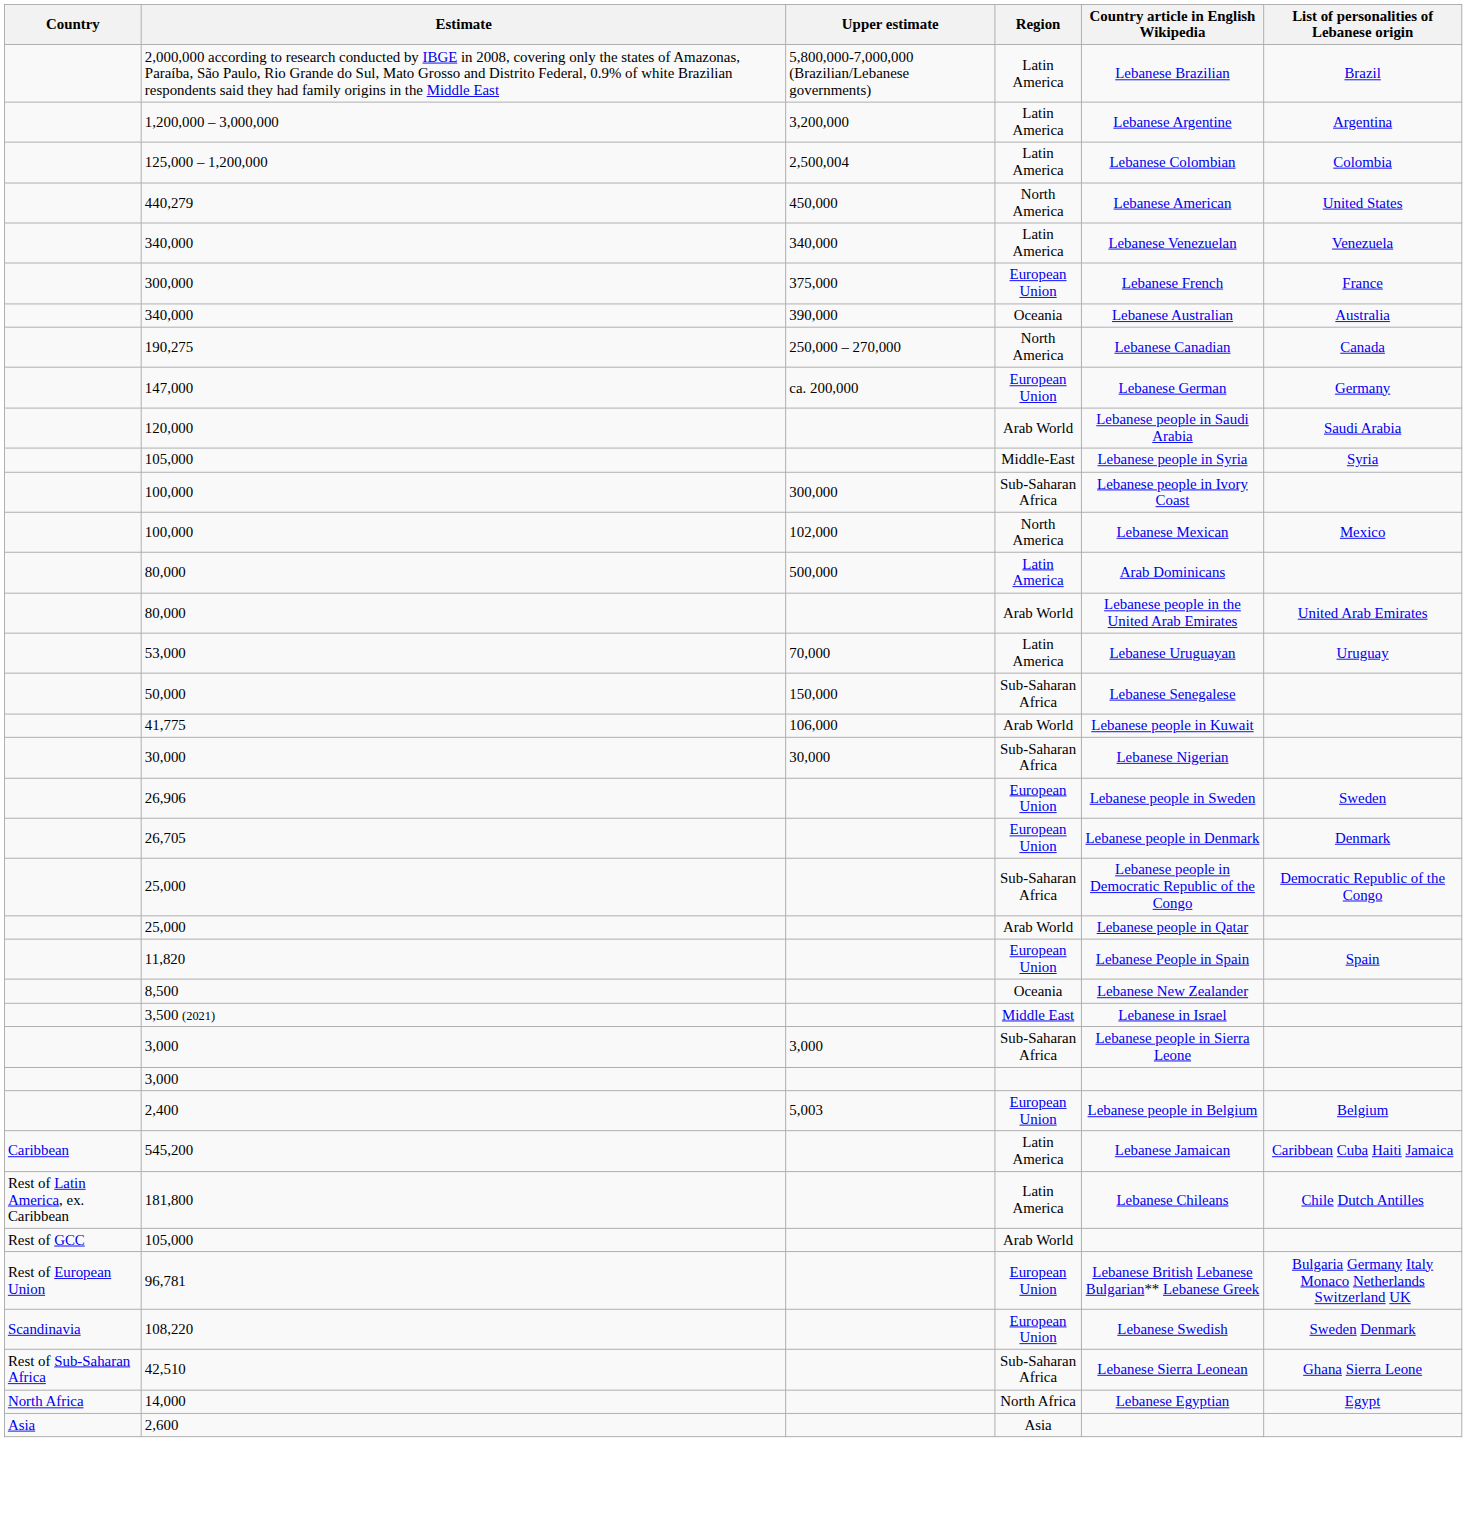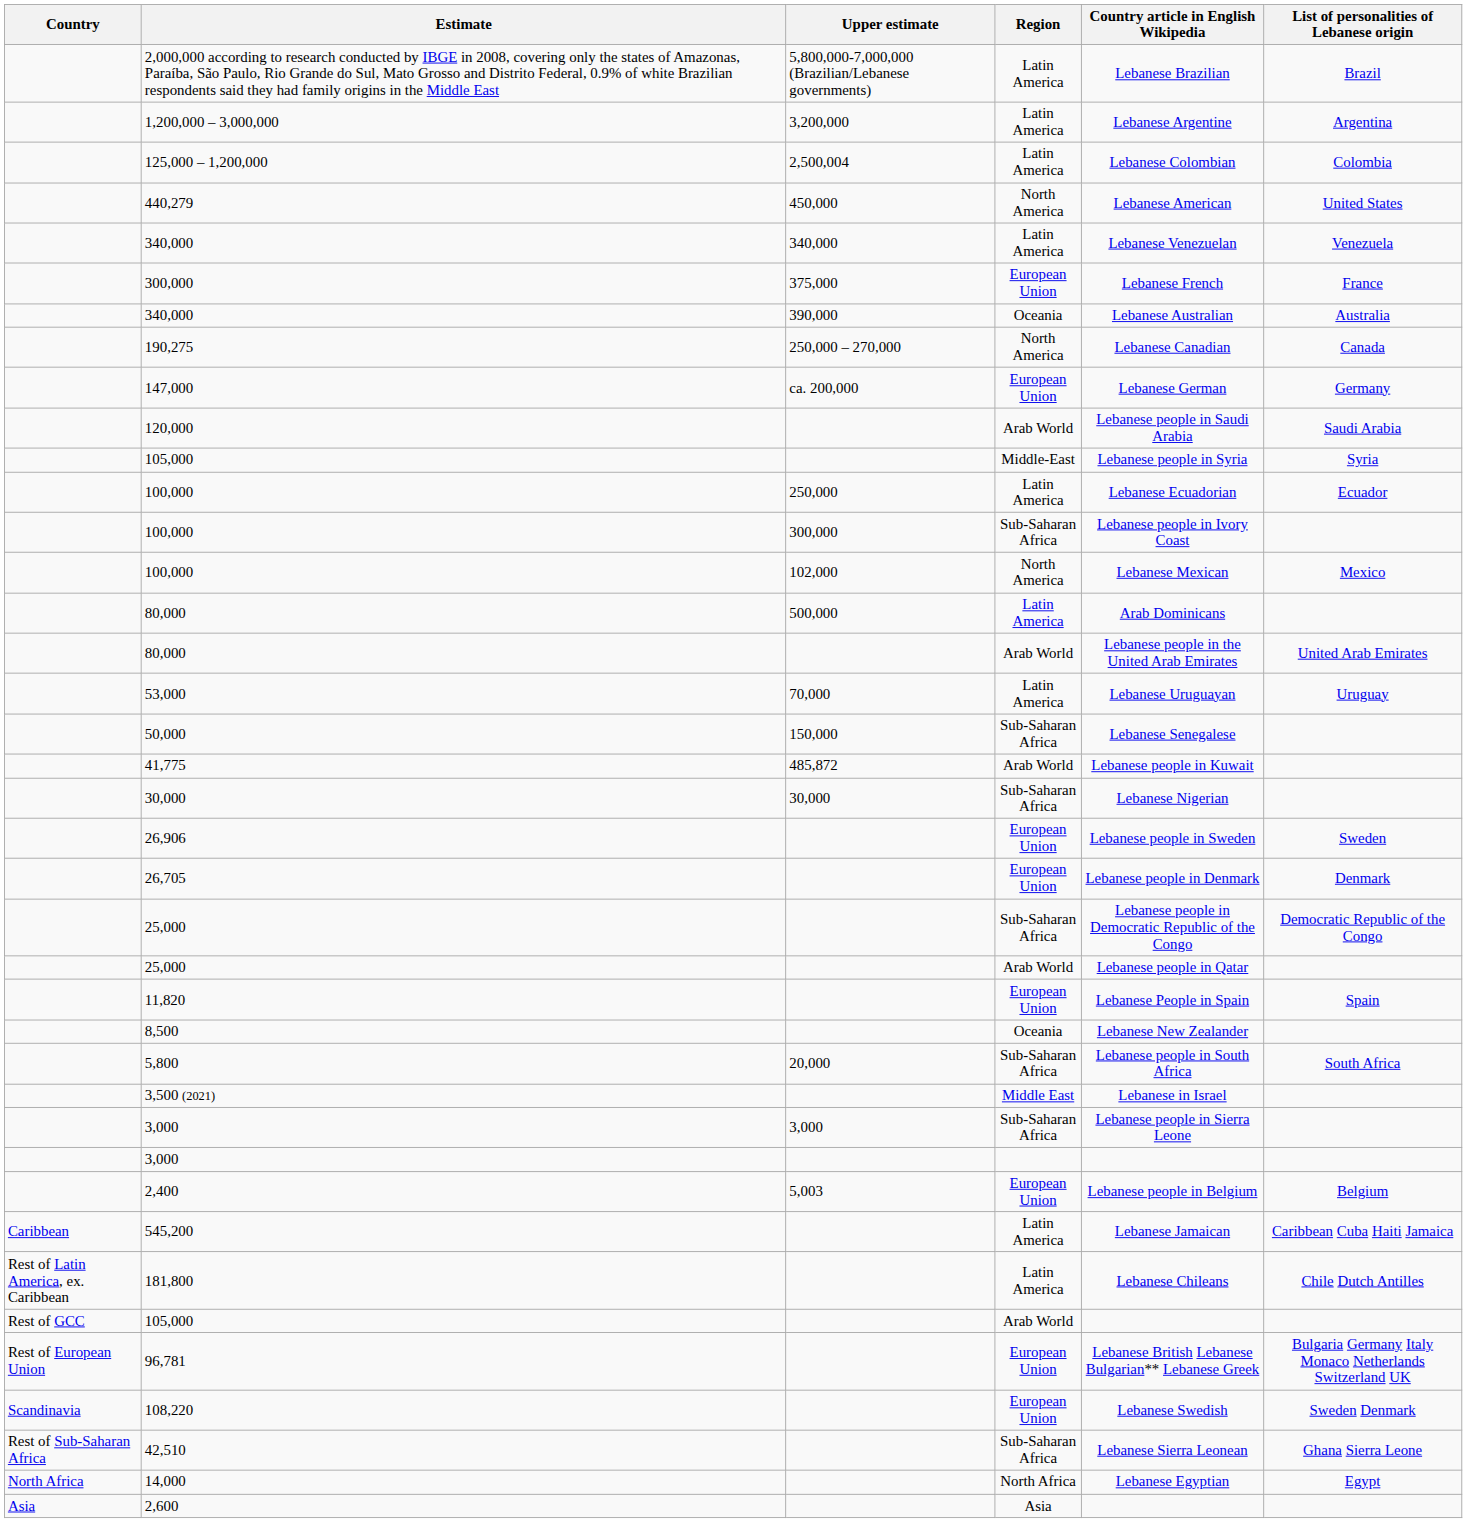 <table class="wikitable sortable">
 <tr>
 <th>Country</th>
 <th data-sort-type="number">Estimate</th>
 <th data-sort-type="number">Upper estimate</th>
 <th align=center>Region</th>
 <th align=center>Country article in English Wikipedia</th>
 <th>List of personalities of Lebanese origin</th>
 </tr>
 <tr>
 <td></td>
 <td>2,000,000 according to research conducted by <a href='#'>IBGE</a> in 2008, covering only the states of Amazonas, Paraíba, São Paulo, Rio Grande do Sul, Mato Grosso and Distrito Federal, 0.9% of white Brazilian respondents said they had family origins in the <a href='#'>Middle East</a></td>
 <td>5,800,000-7,000,000 (Brazilian/Lebanese governments)</td>
 <td align=center>Latin America</td>
 <td align=center><a href='#'>Lebanese Brazilian</a></td>
 <td align=center><a href='#'>Brazil</a></td>
 </tr>
 <tr>
 <td></td>
 <td>1,200,000 – 3,000,000</td>
 <td>3,200,000<br></td>
 <td align=center>Latin America</td>
 <td align=center><a href='#'>Lebanese Argentine</a></td>
 <td align=center><a href='#'>Argentina</a></td>
 </tr>
 <tr>
 <td></td>
 <td>125,000  – 1,200,000</td>
 <td>2,500,004</td>
 <td align=center>Latin America</td>
 <td align=center><a href='#'>Lebanese Colombian</a></td>
 <td align=center><a href='#'>Colombia</a></td>
 </tr>
 <tr>
 <td></td>
 <td>440,279</td>
 <td>450,000</td>
 <td align=center>North America</td>
 <td align=center><a href='#'>Lebanese American</a></td>
 <td align=center><a href='#'>United States</a></td>
 </tr>
 <tr>
 <td></td>
 <td>340,000</td>
 <td>340,000</td>
 <td align=center>Latin America</td>
 <td align=center><a href='#'>Lebanese Venezuelan</a></td>
 <td align=center><a href='#'>Venezuela</a></td>
 </tr>
 <tr>
 <td></td>
 <td>300,000</td>
 <td>375,000</td>
 <td align=center><a href='#'>European Union</a></td>
 <td align=center><a href='#'>Lebanese French</a></td>
 <td align=center><a href='#'>France</a></td>
 </tr>
 <tr>
 <td></td>
 <td>340,000</td>
 <td>390,000</td>
 <td align=center>Oceania</td>
 <td align=center><a href='#'>Lebanese Australian</a></td>
 <td align=center><a href='#'>Australia</a></td>
 </tr>
 <tr>
 <td></td>
 <td>190,275</td>
 <td>250,000 – 270,000</td>
 <td align=center>North America</td>
 <td align=center><a href='#'>Lebanese Canadian</a></td>
 <td align=center><a href='#'>Canada</a></td>
 </tr>
 <tr>
 <td></td>
 <td>147,000 </td>
 <td>ca. 200,000</td>
 <td align="center"><a href='#'>European Union</a></td>
 <td align="center"><a href='#'>Lebanese German</a></td>
 <td align="center"><a href='#'>Germany</a></td>
 </tr>
 <tr>
 <td></td>
 <td>120,000</td>
 <td></td>
 <td align=center>Arab World</td>
 <td align=center><a href='#'>Lebanese people in Saudi Arabia</a></td>
 <td align=center><a href='#'>Saudi Arabia</a></td>
 </tr>
 <tr>
 <td></td>
 <td>105,000</td>
 <td></td>
 <td align=center>Middle-East</td>
 <td align=center><a href='#'>Lebanese people in Syria</a></td>
 <td align=center><a href='#'>Syria</a></td>
 </tr>
 <tr>
 <td></td>
 <td>100,000</td>
+<td>250,000</td>
+<td align=center>Latin America</td>
+<td align=center><a href='#'>Lebanese Ecuadorian</a></td>
+<td align=center><a href='#'>Ecuador</a></td>
+</tr>
+<tr>
+<td></td>
+<td>100,000</td>
 <td>300,000</td>
 <td align=center>Sub-Saharan Africa</td>
 <td align=center><a href='#'>Lebanese people in Ivory Coast</a></td>
 <td align=center></td>
 </tr>
 <tr>
 <td></td>
 <td>100,000</td>
 <td>102,000</td>
 <td align=center>North America</td>
 <td align=center><a href='#'>Lebanese Mexican</a></td>
 <td align=center><a href='#'>Mexico</a></td>
 </tr>
 <tr>
 <td></td>
 <td>80,000</td>
 <td>500,000</td>
 <td align=center><a href='#'>Latin America</a></td>
 <td align=center><a href='#'>Arab Dominicans</a></td>
 <td align=center></td>
 </tr>
 <tr>
 <td></td>
 <td>80,000</td>
 <td></td>
 <td align=center>Arab World</td>
 <td align=center><a href='#'>Lebanese people in the United Arab Emirates</a></td>
 <td align=center><a href='#'>United Arab Emirates</a></td>
 </tr>
 <tr>
 <td></td>
 <td>53,000</td>
 <td>70,000</td>
 <td align=center>Latin America</td>
 <td align=center><a href='#'>Lebanese Uruguayan</a></td>
 <td align=center><a href='#'>Uruguay</a></td>
 </tr>
 <tr>
 <td></td>
 <td>50,000</td>
 <td>150,000</td>
 <td align="center">Sub-Saharan Africa</td>
 <td align="center"><a href='#'>Lebanese Senegalese</a></td>
 <td align="center"></td>
 </tr>
 <tr>
 <td></td>
 <td>41,775</td>
-<td>106,000</td>
+<td>485,872</td>
 <td align="center">Arab World</td>
 <td align="center"><a href='#'>Lebanese people in Kuwait</a></td>
 <td align="center"></td>
 </tr>
 <tr>
 <td></td>
 <td>30,000</td>
 <td>30,000</td>
 <td align=center>Sub-Saharan Africa</td>
 <td align=center><a href='#'>Lebanese Nigerian</a></td>
 <td align=center></td>
 </tr>
 <tr>
 <td></td>
 <td>26,906</td>
 <td></td>
 <td align="center"><a href='#'>European Union</a></td>
 <td align="center"><a href='#'>Lebanese people in Sweden</a></td>
 <td align="center"><a href='#'>Sweden</a></td>
 </tr>
 <tr>
 <td></td>
 <td>26,705</td>
 <td></td>
 <td align="center"><a href='#'>European Union</a></td>
 <td align="center"><a href='#'>Lebanese people in Denmark</a></td>
 <td align="center"><a href='#'>Denmark</a></td>
 </tr>
 <tr>
 <td></td>
 <td>25,000</td>
 <td></td>
 <td align="center">Sub-Saharan Africa</td>
 <td align="center"><a href='#'>Lebanese people in Democratic Republic of the Congo</a></td>
 <td align="center"><a href='#'>Democratic Republic of the Congo</a></td>
 </tr>
 <tr>
 <td></td>
 <td>25,000</td>
 <td></td>
 <td align="center">Arab World</td>
 <td align="center"><a href='#'>Lebanese people in Qatar</a></td>
 <td align="center"></td>
 </tr>
 <tr>
 <td></td>
 <td>11,820</td>
 <td></td>
 <td align="center"><a href='#'>European Union</a></td>
 <td align="center"><a href='#'>Lebanese People in Spain</a></td>
 <td align="center"><a href='#'>Spain</a></td>
 </tr>
 <tr>
 <td></td>
 <td>8,500</td>
 <td></td>
 <td align=center>Oceania</td>
 <td align=center><a href='#'>Lebanese New Zealander</a></td>
 <td align=center></td>
+</tr>
+<tr>
+<td></td>
+<td>5,800</td>
+<td>20,000</td>
+<td align=center>Sub-Saharan Africa</td>
+<td align=center><a href='#'>Lebanese people in South Africa</a></td>
+<td align=center><a href='#'>South Africa</a></td>
 </tr>
 <tr>
 <td></td>
 <td>3,500 <small>(2021)</small></td>
 <td align="center"></td>
 <td align="center"><a href='#'>Middle East</a></td>
 <td align=center><a href='#'>Lebanese in Israel</a></td>
 <td></td>
 </tr>
 <tr>
 <td></td>
 <td>3,000</td>
 <td>3,000</td>
 <td align="center">Sub-Saharan Africa</td>
 <td align="center"><a href='#'>Lebanese people in Sierra Leone</a></td>
 <td></td>
 </tr>
 <tr>
 <td></td>
 <td>3,000</td>
 <td></td>
 <td></td>
 <td></td>
 <td></td>
 </tr>
 <tr>
 <td></td>
 <td>2,400</td>
 <td>5,003</td>
 <td align="center"><a href='#'>European Union</a></td>
 <td align="center"><a href='#'>Lebanese people in Belgium</a></td>
 <td align="center"><a href='#'>Belgium</a></td>
 </tr>
 <tr>
 <td><a href='#'>Caribbean</a></td>
 <td>545,200</td>
 <td></td>
 <td align=center>Latin America</td>
 <td align=center><a href='#'>Lebanese Jamaican</a></td>
 <td align=center><a href='#'>Caribbean</a>  <a href='#'>Cuba</a>  <a href='#'>Haiti</a>  <a href='#'>Jamaica</a></td>
 </tr>
 <tr>
 <td>Rest of <a href='#'>Latin America</a>, ex. Caribbean</td>
 <td>181,800</td>
 <td></td>
 <td align=center>Latin America</td>
 <td align=center><a href='#'>Lebanese Chileans</a></td>
 <td align=center><a href='#'>Chile</a>   <a href='#'>Dutch Antilles</a></td>
 </tr>
 <tr>
 <td>Rest of <a href='#'>GCC</a></td>
 <td>105,000</td>
 <td></td>
 <td align=center>Arab World</td>
 <td align=center></td>
 <td align=center></td>
 </tr>
 <tr>
 <td>Rest of <a href='#'>European Union</a></td>
 <td>96,781</td>
 <td></td>
 <td align=center><a href='#'>European Union</a></td>
 <td align=center><a href='#'>Lebanese British</a>  <a href='#'>Lebanese Bulgarian</a>** <a href='#'>Lebanese Greek</a></td>
 <td align=center><a href='#'>Bulgaria</a>    <a href='#'>Germany</a>  <a href='#'>Italy</a>  <a href='#'>Monaco</a>  <a href='#'>Netherlands</a>  <a href='#'>Switzerland</a>  <a href='#'>UK</a></td>
 </tr>
 <tr>
 <td><a href='#'>Scandinavia</a></td>
 <td>108,220</td>
 <td></td>
 <td align=center><a href='#'>European Union</a></td>
 <td align=center><a href='#'>Lebanese Swedish</a></td>
 <td align=center><a href='#'>Sweden</a>  <a href='#'>Denmark</a></td>
 </tr>
 <tr>
 <td>Rest of <a href='#'>Sub-Saharan Africa</a></td>
 <td>42,510</td>
 <td></td>
 <td align=center>Sub-Saharan Africa</td>
 <td align=center><a href='#'>Lebanese Sierra Leonean</a></td>
 <td align=center><a href='#'>Ghana</a>  <a href='#'>Sierra Leone</a></td>
 </tr>
 <tr>
 <td><a href='#'>North Africa</a></td>
 <td>14,000</td>
 <td></td>
 <td align=center>North Africa</td>
 <td align=center><a href='#'>Lebanese Egyptian</a></td>
 <td align=center><a href='#'>Egypt</a></td>
 </tr>
 <tr>
 <td><a href='#'>Asia</a></td>
 <td>2,600</td>
 <td></td>
 <td align=center>Asia</td>
 <td align=center></td>
 <td align=center></td>
 </tr>
 </table>
